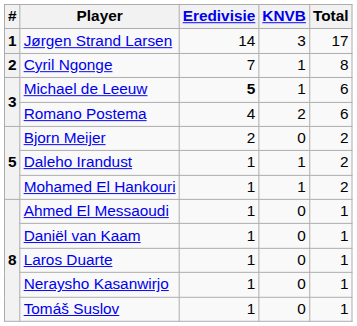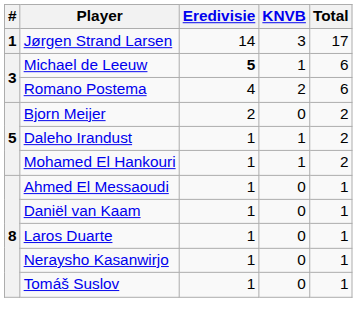 <table class="wikitable" style="text-align:right;">
 <tr>
 <th>#</th>
 <th>Player</th>
 <th><a href='#'>Eredivisie</a></th>
 <th><a href='#'>KNVB</a></th>
 <th>Total</th>
 </tr>
 <tr>
 <th align=center>1</th>
 <td align=left> <a href='#'>Jørgen Strand Larsen</a></td>
 <td>14</td>
 <td>3</td>
 <td>17</td>
-</tr>
-<tr>
-<th align=center>2</th>
-<td align=left> <a href='#'>Cyril Ngonge</a></td>
-<td>7</td>
-<td>1</td>
-<td>8</td>
 </tr>
 <tr>
 <th rowspan=2 align=center>3</th>
 <td align=left> <a href='#'>Michael de Leeuw</a></td>
 <td><strong>5</strong></td>
 <td>1</td>
 <td>6</td>
 </tr>
 <tr>
 <td align=left> <a href='#'>Romano Postema</a></td>
 <td>4</td>
 <td>2</td>
 <td>6</td>
 </tr>
 <tr>
 <th rowspan=3 align=center>5</th>
 <td align=left> <a href='#'>Bjorn Meijer</a></td>
 <td>2</td>
 <td>0</td>
 <td>2</td>
 </tr>
 <tr>
 <td align=left> <a href='#'>Daleho Irandust</a></td>
 <td>1</td>
 <td>1</td>
 <td>2</td>
 </tr>
 <tr>
 <td align=left> <a href='#'>Mohamed El Hankouri</a></td>
 <td>1</td>
 <td>1</td>
 <td>2</td>
 </tr>
 <tr>
 <th rowspan=5 align=center>8</th>
 <td align=left> <a href='#'>Ahmed El Messaoudi</a></td>
 <td>1</td>
 <td>0</td>
 <td>1</td>
 </tr>
 <tr>
 <td align=left> <a href='#'>Daniël van Kaam</a></td>
 <td>1</td>
 <td>0</td>
 <td>1</td>
 </tr>
 <tr>
 <td align=left> <a href='#'>Laros Duarte</a></td>
 <td>1</td>
 <td>0</td>
 <td>1</td>
 </tr>
 <tr>
 <td align=left> <a href='#'>Neraysho Kasanwirjo</a></td>
 <td>1</td>
 <td>0</td>
 <td>1</td>
 </tr>
 <tr>
 <td align=left> <a href='#'>Tomáš Suslov</a></td>
 <td>1</td>
 <td>0</td>
 <td>1</td>
 </tr>
 </table>
